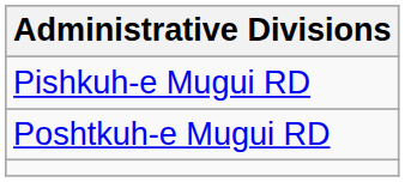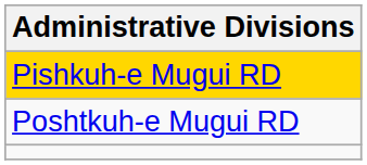 <table class="wikitable">
 <tr>
 <th>Administrative Divisions</th>
 </tr>
 <tr>
-<td><a href='#'>Pishkuh-e Mugui RD</a></td>
+<td style="background: gold;"><a href='#'>Pishkuh-e Mugui RD</a></td>
 </tr>
 <tr>
 <td><a href='#'>Poshtkuh-e Mugui RD</a></td>
 </tr>
 <tr>
 <td colspan=1></td>
 </tr>
 </table>
